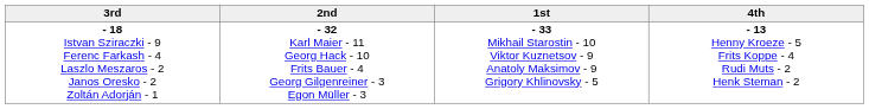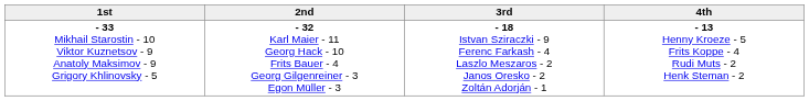 <table border=1 cellpadding=2 cellspacing=0 width=75% style="border-collapse:collapse">
 <tr align=center style="background:#efefef;">
+<th width=20% >1st</th>
+<th width=20% >2nd</th>
 <th width=20% >3rd</th>
-<th width=20% >2nd</th>
-<th width=20% >1st</th>
 <th width=20%>4th</th>
 </tr>
 <tr align=center>
+<td valign=top ><strong> - 33</strong><br><a href='#'>Mikhail Starostin</a> - 10<br><a href='#'>Viktor Kuznetsov</a> - 9<br><a href='#'>Anatoly Maksimov</a> - 9<br><a href='#'>Grigory Khlinovsky</a> - 5</td>
+<td valign=top ><strong> - 32</strong><br><a href='#'>Karl Maier</a> - 11<br><a href='#'>Georg Hack</a> - 10<br><a href='#'>Frits Bauer</a> - 4<br><a href='#'>Georg Gilgenreiner</a> - 3<br><a href='#'>Egon Müller</a> - 3</td>
 <td valign=top ><strong> - 18</strong><br><a href='#'>Istvan Sziraczki</a> - 9<br><a href='#'>Ferenc Farkash</a> - 4<br><a href='#'>Laszlo Meszaros</a> - 2<br><a href='#'>Janos Oresko</a> - 2<br><a href='#'>Zoltán Adorján</a> - 1</td>
-<td valign=top ><strong> - 32</strong><br><a href='#'>Karl Maier</a> - 11<br><a href='#'>Georg Hack</a> - 10<br><a href='#'>Frits Bauer</a> - 4<br><a href='#'>Georg Gilgenreiner</a> - 3<br><a href='#'>Egon Müller</a> - 3</td>
-<td valign=top ><strong> - 33</strong><br><a href='#'>Mikhail Starostin</a> - 10<br><a href='#'>Viktor Kuznetsov</a> - 9<br><a href='#'>Anatoly Maksimov</a> - 9<br><a href='#'>Grigory Khlinovsky</a> - 5</td>
 <td valign=top><strong> - 13</strong><br><a href='#'>Henny Kroeze</a> - 5<br><a href='#'>Frits Koppe</a> - 4<br><a href='#'>Rudi Muts</a> - 2<br><a href='#'>Henk Steman</a>  - 2</td>
 </tr>
 </table>
